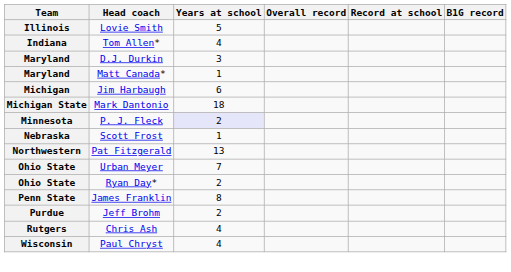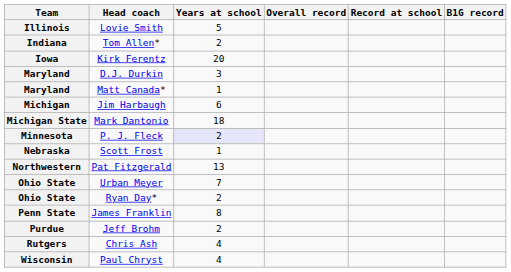 <table class="wikitable sortable" style="text-align: center;">
 <tr>
 <th width="110">Team</th>
 <th>Head coach</th>
 <th>Years at school</th>
 <th>Overall record</th>
 <th>Record at school</th>
 <th>B1G record</th>
 </tr>
 <tr>
 <th>Illinois</th>
 <td><a href='#'>Lovie Smith</a></td>
 <td>5</td>
 <td data-sort-value=></td>
 <td data-sort-value=></td>
 <td data-sort-value=></td>
 </tr>
 <tr>
 <th>Indiana</th>
 <td><a href='#'>Tom Allen</a>*</td>
-<td>4</td>
+<td>2</td>
+<td data-sort-value=></td>
+<td data-sort-value=></td>
+<td data-sort-value=></td>
+</tr>
+<tr>
+<th>Iowa</th>
+<td><a href='#'>Kirk Ferentz</a></td>
+<td>20</td>
 <td data-sort-value=></td>
 <td data-sort-value=></td>
 <td data-sort-value=></td>
 </tr>
 <tr>
 <th>Maryland</th>
 <td><a href='#'>D.J. Durkin</a></td>
 <td>3</td>
 <td data-sort-value=></td>
 <td data-sort-value=></td>
 <td data-sort-value=></td>
 </tr>
 <tr>
 <th>Maryland</th>
 <td><a href='#'>Matt Canada</a>*</td>
 <td>1</td>
 <td data-sort-value=></td>
 <td data-sort-value=></td>
 <td data-sort-value=></td>
 </tr>
 <tr>
 <th>Michigan</th>
 <td><a href='#'>Jim Harbaugh</a></td>
 <td>6</td>
 <td data-sort-value=></td>
 <td data-sort-value=></td>
 <td data-sort-value=></td>
 </tr>
 <tr>
 <th>Michigan State</th>
 <td><a href='#'>Mark Dantonio</a></td>
 <td>18</td>
 <td data-sort-value=></td>
 <td data-sort-value=></td>
 <td data-sort-value=></td>
 </tr>
 <tr>
 <th>Minnesota</th>
 <td><a href='#'>P. J. Fleck</a></td>
 <td style="background: lavender;">2</td>
 <td data-sort-value=></td>
 <td data-sort-value=></td>
 <td data-sort-value=></td>
 </tr>
 <tr>
 <th>Nebraska</th>
 <td><a href='#'>Scott Frost</a></td>
 <td>1</td>
 <td data-sort-value=></td>
 <td data-sort-value=></td>
 <td data-sort-value=></td>
 </tr>
 <tr>
 <th>Northwestern</th>
 <td><a href='#'>Pat Fitzgerald</a></td>
 <td>13</td>
 <td data-sort-value=></td>
 <td data-sort-value=></td>
 <td data-sort-value=></td>
 </tr>
 <tr>
 <th>Ohio State</th>
 <td><a href='#'>Urban Meyer</a></td>
 <td>7</td>
 <td data-sort-value=></td>
 <td data-sort-value=></td>
 <td data-sort-value=></td>
 </tr>
 <tr>
 <th>Ohio State</th>
 <td><a href='#'>Ryan Day</a>*</td>
 <td>2</td>
 <td data-sort-value=></td>
 <td data-sort-value=></td>
 <td data-sort-value=></td>
 </tr>
 <tr>
 <th>Penn State</th>
 <td><a href='#'>James Franklin</a></td>
 <td>8</td>
 <td data-sort-value=></td>
 <td data-sort-value=></td>
 <td data-sort-value=></td>
 </tr>
 <tr>
 <th>Purdue</th>
 <td><a href='#'>Jeff Brohm</a></td>
 <td>2</td>
 <td data-sort-value=></td>
 <td data-sort-value=></td>
 <td data-sort-value=></td>
 </tr>
 <tr>
 <th>Rutgers</th>
 <td><a href='#'>Chris Ash</a></td>
 <td>4</td>
 <td data-sort-value=></td>
 <td data-sort-value=></td>
 <td data-sort-value=></td>
 </tr>
 <tr>
 <th>Wisconsin</th>
 <td><a href='#'>Paul Chryst</a></td>
 <td>4</td>
 <td data-sort-value=></td>
 <td data-sort-value=></td>
 <td data-sort-value=></td>
 </tr>
 </table>
